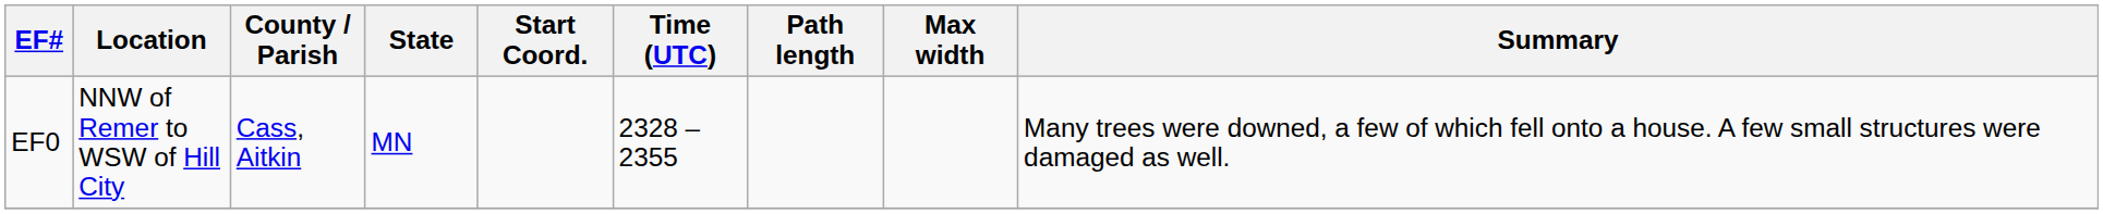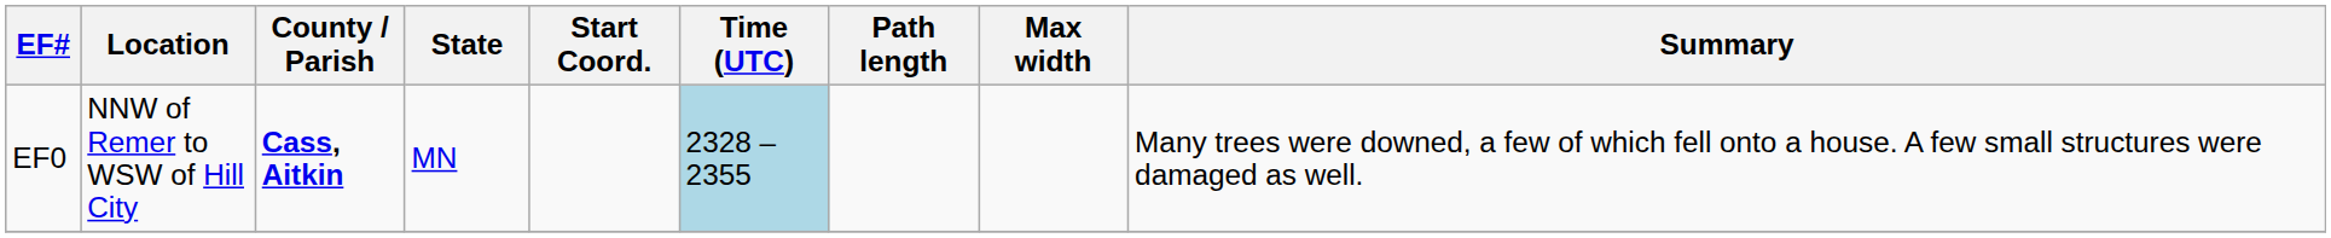 <table class="wikitable sortable" style="width:100%;">
 <tr>
 <th scope="col" width="3%" align="center"><a href='#'>EF#</a></th>
 <th scope="col" width="7%" align="center" class="unsortable">Location</th>
 <th scope="col" width="6%" align="center" class="unsortable">County / Parish</th>
 <th scope="col" width="5%" align="center">State</th>
 <th scope="col" width="6%" align="center">Start Coord.</th>
 <th scope="col" width="6%" align="center">Time (<a href='#'>UTC</a>)</th>
 <th scope="col" width="6%" align="center">Path length</th>
 <th scope="col" width="6%" align="center">Max width</th>
 <th scope="col" width="48%" class="unsortable" align="center">Summary</th>
 </tr>
 <tr>
 <td>EF0</td>
 <td>NNW of <a href='#'>Remer</a> to WSW of <a href='#'>Hill City</a></td>
-<td><a href='#'>Cass</a>, <a href='#'>Aitkin</a></td>
+<td><strong><a href='#'>Cass</a>, <a href='#'>Aitkin</a></strong></td>
 <td><a href='#'>MN</a></td>
 <td></td>
-<td>2328 – 2355</td>
+<td style="background: lightblue;">2328 – 2355</td>
 <td></td>
 <td></td>
 <td>Many trees were downed, a few of which fell onto a house. A few small structures were damaged as well.</td>
 </tr>
 <tr>
 </tr>
 </table>
